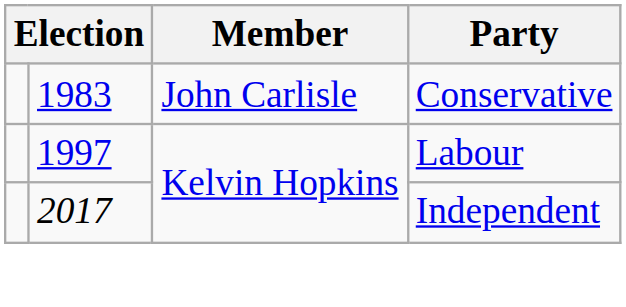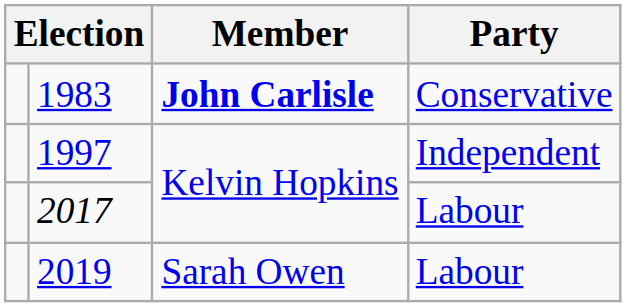 <table class="wikitable">
 <tr>
 <th colspan="2">Election</th>
 <th>Member</th>
 <th>Party</th>
 </tr>
 <tr>
 <td style="color:inherit;background-color: "></td>
 <td><a href='#'>1983</a></td>
-<td><a href='#'>John Carlisle</a></td>
+<td><strong><a href='#'>John Carlisle</a></strong></td>
 <td><a href='#'>Conservative</a></td>
 </tr>
 <tr>
 <td style="color:inherit;background-color: "></td>
 <td><a href='#'>1997</a></td>
 <td rowspan="2"><a href='#'>Kelvin Hopkins</a></td>
+<td><a href='#'>Independent</a></td>
+</tr>
+<tr>
+<td style="color:inherit;background-color: "></td>
+<td><em>2017</em></td>
 <td><a href='#'>Labour</a></td>
 </tr>
 <tr>
 <td style="color:inherit;background-color: "></td>
-<td><em>2017</em></td>
-<td><a href='#'>Independent</a></td>
+<td><a href='#'>2019</a></td>
+<td><a href='#'>Sarah Owen</a></td>
+<td><a href='#'>Labour</a></td>
 </tr>
 </table>
